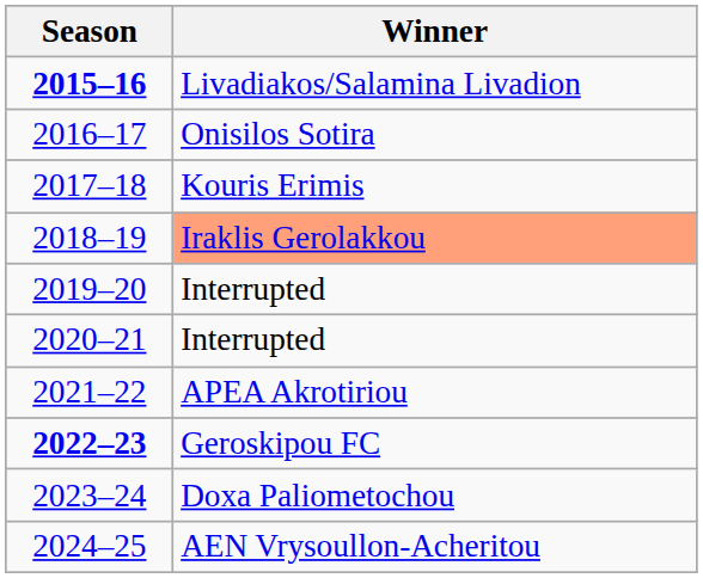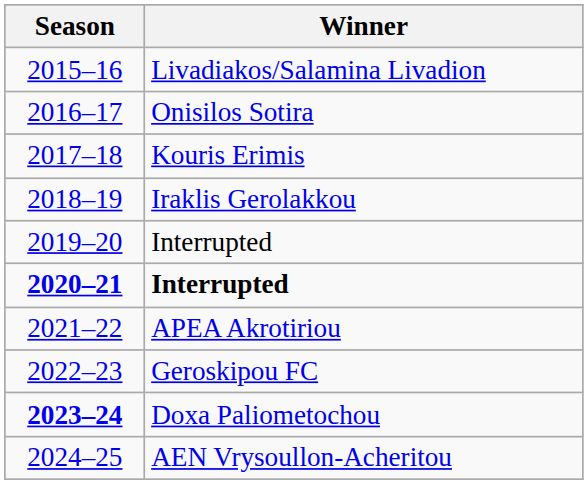 <table class="wikitable" style="text-align:left;">
 <tr>
 <th width="75">Season</th>
 <th width="250">Winner</th>
 </tr>
 <tr>
-<td align="center"><strong><a href='#'>2015–16</a></strong></td>
+<td align="center"><a href='#'>2015–16</a></td>
 <td><a href='#'>Livadiakos/Salamina Livadion</a></td>
 </tr>
 <tr>
 <td align="center"><a href='#'>2016–17</a></td>
 <td><a href='#'>Onisilos Sotira</a></td>
 </tr>
 <tr>
 <td align="center"><a href='#'>2017–18</a></td>
 <td><a href='#'>Kouris Erimis</a></td>
 </tr>
 <tr>
 <td align="center"><a href='#'>2018–19</a></td>
-<td style="background: lightsalmon;"><a href='#'>Iraklis Gerolakkou</a></td>
+<td><a href='#'>Iraklis Gerolakkou</a></td>
 </tr>
 <tr>
 <td align="center"><a href='#'>2019–20</a></td>
 <td>Interrupted</td>
 </tr>
 <tr>
-<td align="center"><a href='#'>2020–21</a></td>
-<td>Interrupted</td>
+<td align="center"><strong><a href='#'>2020–21</a></strong></td>
+<td><strong>Interrupted</strong></td>
 </tr>
 <tr>
 <td align="center"><a href='#'>2021–22</a></td>
 <td><a href='#'>APEA Akrotiriou</a></td>
 </tr>
 <tr>
-<td align="center"><strong><a href='#'>2022–23</a></strong></td>
+<td align="center"><a href='#'>2022–23</a></td>
 <td><a href='#'>Geroskipou FC</a></td>
 </tr>
 <tr>
-<td align="center"><a href='#'>2023–24</a></td>
+<td align="center"><strong><a href='#'>2023–24</a></strong></td>
 <td><a href='#'>Doxa Paliometochou</a></td>
 </tr>
 <tr>
 <td align="center"><a href='#'>2024–25</a></td>
 <td><a href='#'>AEN Vrysoullon-Acheritou</a></td>
 </tr>
 </table>
